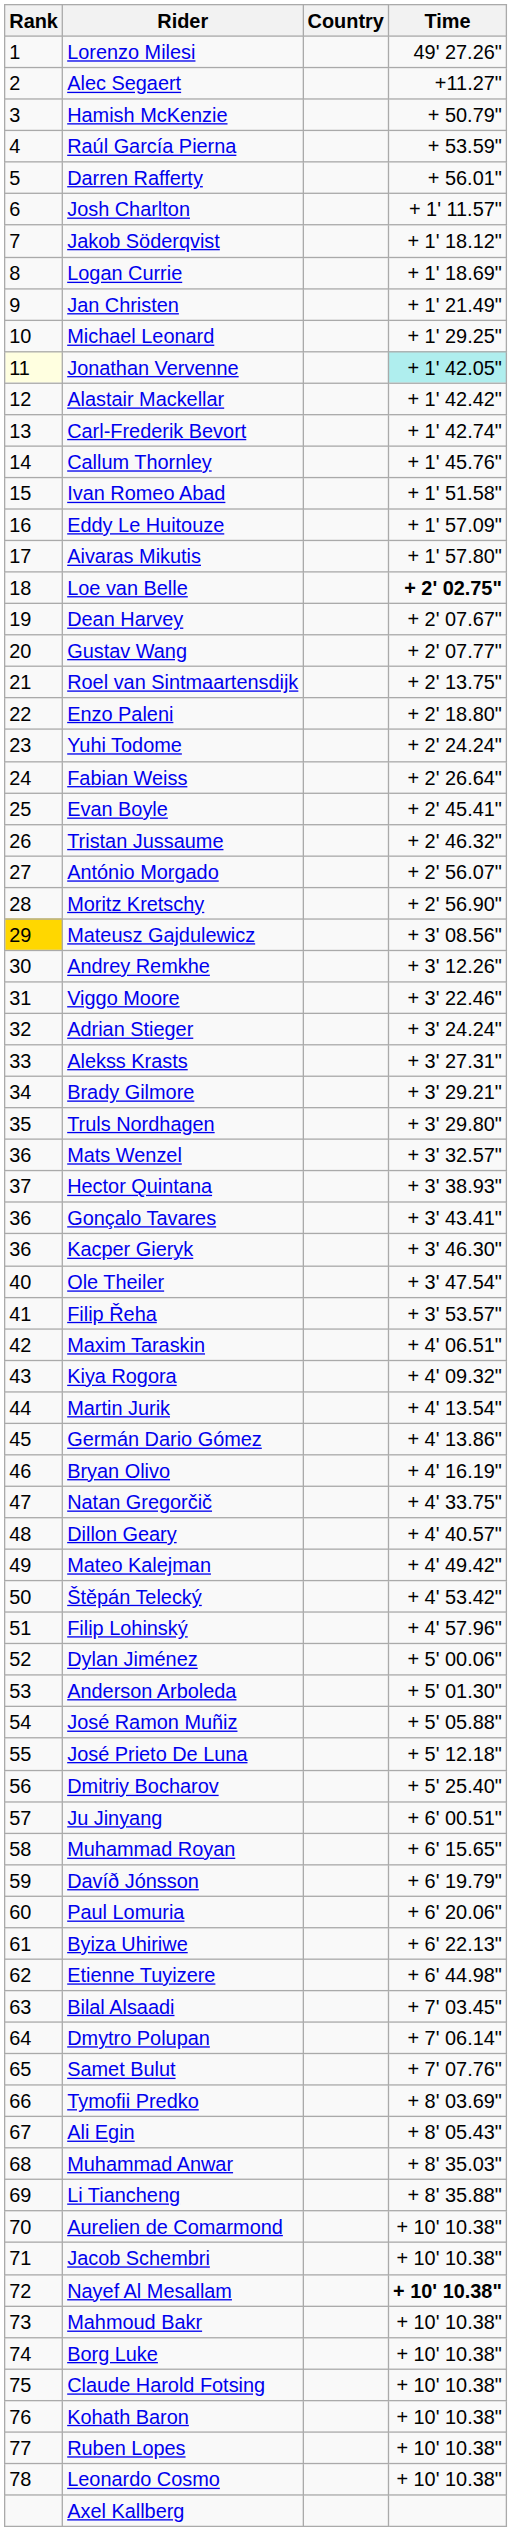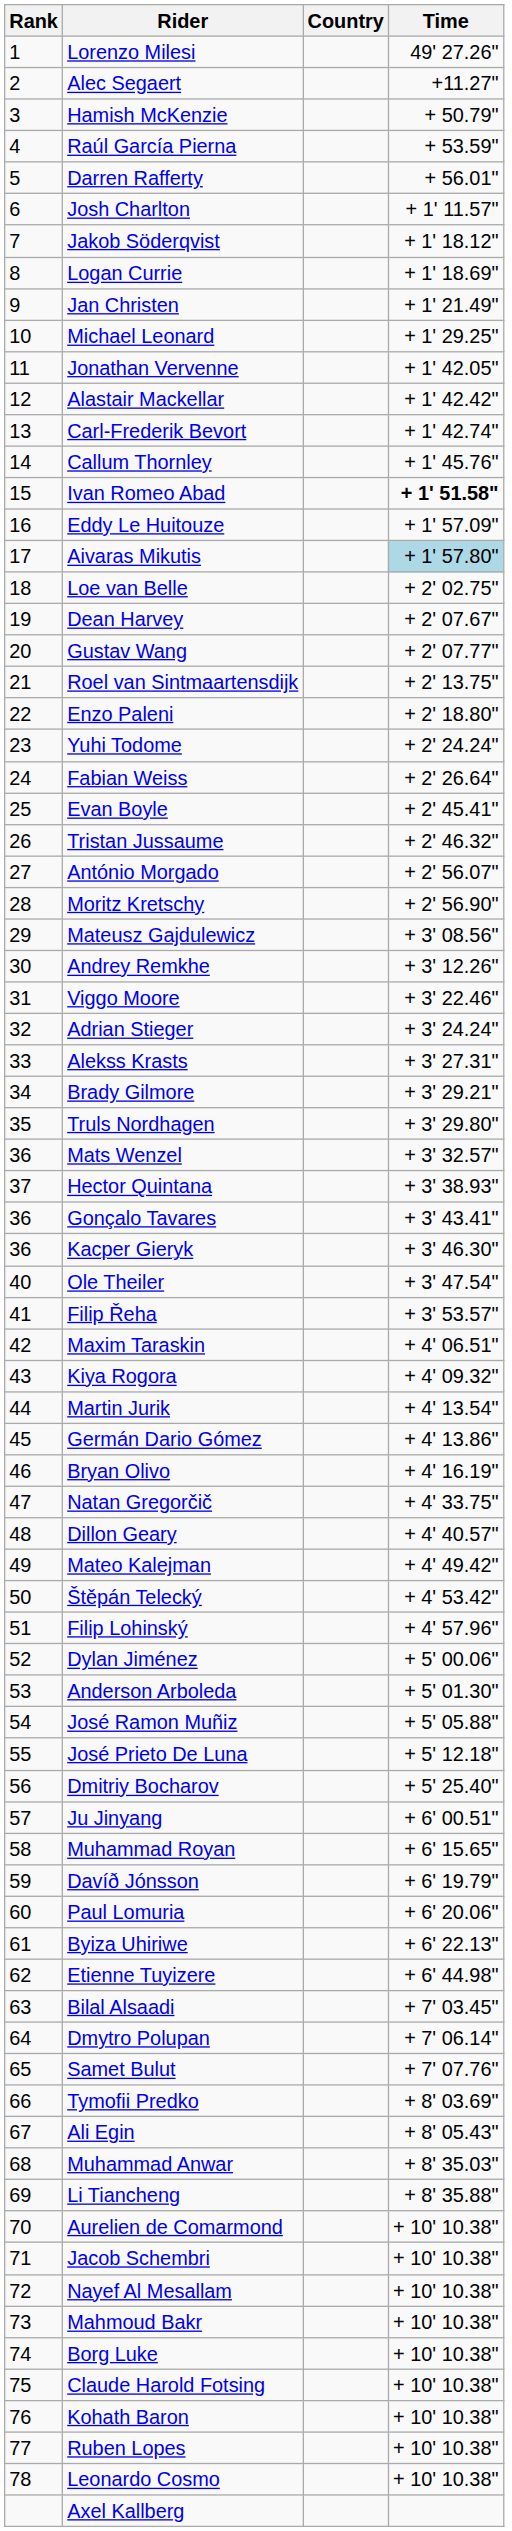 <table class="wikitable sortable" style="font-size:95%; text-align:left;">
 <tr>
 <th>Rank</th>
 <th>Rider</th>
 <th>Country</th>
 <th>Time</th>
 </tr>
 <tr>
 <td>1</td>
 <td><a href='#'>Lorenzo Milesi</a></td>
 <td></td>
 <td align=right>49' 27.26"</td>
 </tr>
 <tr>
 <td>2</td>
 <td><a href='#'>Alec Segaert</a></td>
 <td></td>
 <td align=right>+11.27"</td>
 </tr>
 <tr>
 <td>3</td>
 <td><a href='#'>Hamish McKenzie</a></td>
 <td></td>
 <td align=right>+ 50.79"</td>
 </tr>
 <tr>
 <td>4</td>
 <td><a href='#'>Raúl García Pierna</a></td>
 <td></td>
 <td align=right>+ 53.59"</td>
 </tr>
 <tr>
 <td>5</td>
 <td><a href='#'>Darren Rafferty</a></td>
 <td></td>
 <td align=right>+ 56.01"</td>
 </tr>
 <tr>
 <td>6</td>
 <td><a href='#'>Josh Charlton</a></td>
 <td></td>
 <td align=right>+ 1' 11.57"</td>
 </tr>
 <tr>
 <td>7</td>
 <td><a href='#'>Jakob Söderqvist</a></td>
 <td></td>
 <td align=right>+ 1' 18.12"</td>
 </tr>
 <tr>
 <td>8</td>
 <td><a href='#'>Logan Currie</a></td>
 <td></td>
 <td align=right>+ 1' 18.69"</td>
 </tr>
 <tr>
 <td>9</td>
 <td><a href='#'>Jan Christen</a></td>
 <td></td>
 <td align=right>+ 1' 21.49"</td>
 </tr>
 <tr>
 <td>10</td>
 <td><a href='#'>Michael Leonard</a></td>
 <td></td>
 <td align=right>+ 1' 29.25"</td>
 </tr>
 <tr>
-<td style="background: lightyellow;">11</td>
+<td>11</td>
 <td><a href='#'>Jonathan Vervenne</a></td>
 <td></td>
-<td align=right style="background: paleturquoise;">+ 1' 42.05"</td>
+<td align=right>+ 1' 42.05"</td>
 </tr>
 <tr>
 <td>12</td>
 <td><a href='#'>Alastair Mackellar</a></td>
 <td></td>
 <td align=right>+ 1' 42.42"</td>
 </tr>
 <tr>
 <td>13</td>
 <td><a href='#'>Carl-Frederik Bevort</a></td>
 <td></td>
 <td align=right>+ 1' 42.74"</td>
 </tr>
 <tr>
 <td>14</td>
 <td><a href='#'>Callum Thornley</a></td>
 <td></td>
 <td align=right>+ 1' 45.76"</td>
 </tr>
 <tr>
 <td>15</td>
 <td><a href='#'>Ivan Romeo Abad</a></td>
 <td></td>
-<td align=right>+ 1' 51.58"</td>
+<td align=right><strong>+ 1' 51.58"</strong></td>
 </tr>
 <tr>
 <td>16</td>
 <td><a href='#'>Eddy Le Huitouze</a></td>
 <td></td>
 <td align=right>+ 1' 57.09"</td>
 </tr>
 <tr>
 <td>17</td>
 <td><a href='#'>Aivaras Mikutis</a></td>
 <td></td>
-<td align=right>+ 1' 57.80"</td>
+<td align=right style="background: lightblue;">+ 1' 57.80"</td>
 </tr>
 <tr>
 <td>18</td>
 <td><a href='#'>Loe van Belle</a></td>
 <td></td>
-<td align=right><strong>+ 2' 02.75"</strong></td>
+<td align=right>+ 2' 02.75"</td>
 </tr>
 <tr>
 <td>19</td>
 <td><a href='#'>Dean Harvey</a></td>
 <td></td>
 <td align=right>+ 2' 07.67"</td>
 </tr>
 <tr>
 <td>20</td>
 <td><a href='#'>Gustav Wang</a></td>
 <td></td>
 <td align=right>+ 2' 07.77"</td>
 </tr>
 <tr>
 <td>21</td>
 <td><a href='#'>Roel van Sintmaartensdijk</a></td>
 <td></td>
 <td align=right>+ 2' 13.75"</td>
 </tr>
 <tr>
 <td>22</td>
 <td><a href='#'>Enzo Paleni</a></td>
 <td></td>
 <td align=right>+ 2' 18.80"</td>
 </tr>
 <tr>
 <td>23</td>
 <td><a href='#'>Yuhi Todome</a></td>
 <td></td>
 <td align=right>+ 2' 24.24"</td>
 </tr>
 <tr>
 <td>24</td>
 <td><a href='#'>Fabian Weiss</a></td>
 <td></td>
 <td align=right>+ 2' 26.64"</td>
 </tr>
 <tr>
 <td>25</td>
 <td><a href='#'>Evan Boyle</a></td>
 <td></td>
 <td align=right>+ 2' 45.41"</td>
 </tr>
 <tr>
 <td>26</td>
 <td><a href='#'>Tristan Jussaume</a></td>
 <td></td>
 <td align=right>+ 2' 46.32"</td>
 </tr>
 <tr>
 <td>27</td>
 <td><a href='#'>António Morgado</a></td>
 <td></td>
 <td align=right>+ 2' 56.07"</td>
 </tr>
 <tr>
 <td>28</td>
 <td><a href='#'>Moritz Kretschy</a></td>
 <td></td>
 <td align=right>+ 2' 56.90"</td>
 </tr>
 <tr>
-<td style="background: gold;">29</td>
+<td>29</td>
 <td><a href='#'>Mateusz Gajdulewicz</a></td>
 <td></td>
 <td align=right>+ 3' 08.56"</td>
 </tr>
 <tr>
 <td>30</td>
 <td><a href='#'>Andrey Remkhe</a></td>
 <td></td>
 <td align=right>+ 3' 12.26"</td>
 </tr>
 <tr>
 <td>31</td>
 <td><a href='#'>Viggo Moore</a></td>
 <td></td>
 <td align=right>+ 3' 22.46"</td>
 </tr>
 <tr>
 <td>32</td>
 <td><a href='#'>Adrian Stieger</a></td>
 <td></td>
 <td align=right>+ 3' 24.24"</td>
 </tr>
 <tr>
 <td>33</td>
 <td><a href='#'>Alekss Krasts</a></td>
 <td></td>
 <td align=right>+ 3' 27.31"</td>
 </tr>
 <tr>
 <td>34</td>
 <td><a href='#'>Brady Gilmore</a></td>
 <td></td>
 <td align=right>+ 3' 29.21"</td>
 </tr>
 <tr>
 <td>35</td>
 <td><a href='#'>Truls Nordhagen</a></td>
 <td></td>
 <td align=right>+ 3' 29.80"</td>
 </tr>
 <tr>
 <td>36</td>
 <td><a href='#'>Mats Wenzel</a></td>
 <td></td>
 <td align=right>+ 3' 32.57"</td>
 </tr>
 <tr>
 <td>37</td>
 <td><a href='#'>Hector Quintana</a></td>
 <td></td>
 <td align=right>+ 3' 38.93"</td>
 </tr>
 <tr>
 <td>36</td>
 <td><a href='#'>Gonçalo Tavares</a></td>
 <td></td>
 <td align=right>+ 3' 43.41"</td>
 </tr>
 <tr>
 <td>36</td>
 <td><a href='#'>Kacper Gieryk</a></td>
 <td></td>
 <td align=right>+ 3' 46.30"</td>
 </tr>
 <tr>
 <td>40</td>
 <td><a href='#'>Ole Theiler</a></td>
 <td></td>
 <td align=right>+ 3' 47.54"</td>
 </tr>
 <tr>
 <td>41</td>
 <td><a href='#'>Filip Řeha</a></td>
 <td></td>
 <td align=right>+ 3' 53.57"</td>
 </tr>
 <tr>
 <td>42</td>
 <td><a href='#'>Maxim Taraskin</a></td>
 <td></td>
 <td align=right>+ 4' 06.51"</td>
 </tr>
 <tr>
 <td>43</td>
 <td><a href='#'>Kiya Rogora</a></td>
 <td></td>
 <td align=right>+ 4' 09.32"</td>
 </tr>
 <tr>
 <td>44</td>
 <td><a href='#'>Martin Jurik</a></td>
 <td></td>
 <td align=right>+ 4' 13.54"</td>
 </tr>
 <tr>
 <td>45</td>
 <td><a href='#'>Germán Dario Gómez</a></td>
 <td></td>
 <td align=right>+ 4' 13.86"</td>
 </tr>
 <tr>
 <td>46</td>
 <td><a href='#'>Bryan Olivo</a></td>
 <td></td>
 <td align=right>+ 4' 16.19"</td>
 </tr>
 <tr>
 <td>47</td>
 <td><a href='#'>Natan Gregorčič</a></td>
 <td></td>
 <td align=right>+ 4' 33.75"</td>
 </tr>
 <tr>
 <td>48</td>
 <td><a href='#'>Dillon Geary</a></td>
 <td></td>
 <td align=right>+ 4' 40.57"</td>
 </tr>
 <tr>
 <td>49</td>
 <td><a href='#'>Mateo Kalejman</a></td>
 <td></td>
 <td align=right>+ 4' 49.42"</td>
 </tr>
 <tr>
 <td>50</td>
 <td><a href='#'>Štěpán Telecký</a></td>
 <td></td>
 <td align=right>+ 4' 53.42"</td>
 </tr>
 <tr>
 <td>51</td>
 <td><a href='#'>Filip Lohinský</a></td>
 <td></td>
 <td align=right>+ 4' 57.96"</td>
 </tr>
 <tr>
 <td>52</td>
 <td><a href='#'>Dylan Jiménez</a></td>
 <td></td>
 <td align=right>+ 5' 00.06"</td>
 </tr>
 <tr>
 <td>53</td>
 <td><a href='#'>Anderson Arboleda</a></td>
 <td></td>
 <td align=right>+ 5' 01.30"</td>
 </tr>
 <tr>
 <td>54</td>
 <td><a href='#'>José Ramon Muñiz</a></td>
 <td></td>
 <td align=right>+ 5' 05.88"</td>
 </tr>
 <tr>
 <td>55</td>
 <td><a href='#'>José Prieto De Luna</a></td>
 <td></td>
 <td align=right>+ 5' 12.18"</td>
 </tr>
 <tr>
 <td>56</td>
 <td><a href='#'>Dmitriy Bocharov</a></td>
 <td></td>
 <td align=right>+ 5' 25.40"</td>
 </tr>
 <tr>
 <td>57</td>
 <td><a href='#'>Ju Jinyang</a></td>
 <td></td>
 <td align=right>+ 6' 00.51"</td>
 </tr>
 <tr>
 <td>58</td>
 <td><a href='#'>Muhammad Royan</a></td>
 <td></td>
 <td align=right>+ 6' 15.65"</td>
 </tr>
 <tr>
 <td>59</td>
 <td><a href='#'>Davíð Jónsson</a></td>
 <td></td>
 <td align=right>+ 6' 19.79"</td>
 </tr>
 <tr>
 <td>60</td>
 <td><a href='#'>Paul Lomuria</a></td>
 <td></td>
 <td align=right>+ 6' 20.06"</td>
 </tr>
 <tr>
 <td>61</td>
 <td><a href='#'>Byiza Uhiriwe</a></td>
 <td></td>
 <td align=right>+ 6' 22.13"</td>
 </tr>
 <tr>
 <td>62</td>
 <td><a href='#'>Etienne Tuyizere</a></td>
 <td></td>
 <td align=right>+ 6' 44.98"</td>
 </tr>
 <tr>
 <td>63</td>
 <td><a href='#'>Bilal Alsaadi</a></td>
 <td></td>
 <td align=right>+ 7' 03.45"</td>
 </tr>
 <tr>
 <td>64</td>
 <td><a href='#'>Dmytro Polupan</a></td>
 <td></td>
 <td align=right>+ 7' 06.14"</td>
 </tr>
 <tr>
 <td>65</td>
 <td><a href='#'>Samet Bulut</a></td>
 <td></td>
 <td align=right>+ 7' 07.76"</td>
 </tr>
 <tr>
 <td>66</td>
 <td><a href='#'>Tymofii Predko</a></td>
 <td></td>
 <td align=right>+ 8' 03.69"</td>
 </tr>
 <tr>
 <td>67</td>
 <td><a href='#'>Ali Egin</a></td>
 <td></td>
 <td align=right>+ 8' 05.43"</td>
 </tr>
 <tr>
 <td>68</td>
 <td><a href='#'>Muhammad Anwar</a></td>
 <td></td>
 <td align=right>+ 8' 35.03"</td>
 </tr>
 <tr>
 <td>69</td>
 <td><a href='#'>Li Tiancheng</a></td>
 <td></td>
 <td align=right>+ 8' 35.88"</td>
 </tr>
 <tr>
 <td>70</td>
 <td><a href='#'>Aurelien de Comarmond</a></td>
 <td></td>
 <td align=right>+ 10' 10.38"</td>
 </tr>
 <tr>
 <td>71</td>
 <td><a href='#'>Jacob Schembri</a></td>
 <td></td>
 <td align=right>+ 10' 10.38"</td>
 </tr>
 <tr>
 <td>72</td>
 <td><a href='#'>Nayef Al Mesallam</a></td>
 <td></td>
-<td align=right><strong>+ 10' 10.38"</strong></td>
+<td align=right>+ 10' 10.38"</td>
 </tr>
 <tr>
 <td>73</td>
 <td><a href='#'>Mahmoud Bakr</a></td>
 <td></td>
 <td align=right>+ 10' 10.38"</td>
 </tr>
 <tr>
 <td>74</td>
 <td><a href='#'>Borg Luke</a></td>
 <td></td>
 <td align=right>+ 10' 10.38"</td>
 </tr>
 <tr>
 <td>75</td>
 <td><a href='#'>Claude Harold Fotsing</a></td>
 <td></td>
 <td align=right>+ 10' 10.38"</td>
 </tr>
 <tr>
 <td>76</td>
 <td><a href='#'>Kohath Baron</a></td>
 <td></td>
 <td align=right>+ 10' 10.38"</td>
 </tr>
 <tr>
 <td>77</td>
 <td><a href='#'>Ruben Lopes</a></td>
 <td></td>
 <td align=right>+ 10' 10.38"</td>
 </tr>
 <tr>
 <td>78</td>
 <td><a href='#'>Leonardo Cosmo</a></td>
 <td></td>
 <td align=right>+ 10' 10.38"</td>
 </tr>
 <tr>
 <td></td>
 <td><a href='#'>Axel Kallberg</a></td>
 <td></td>
 <td align=right></td>
 </tr>
 </table>
